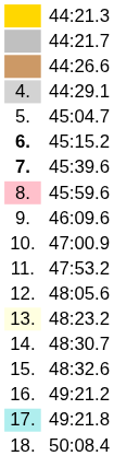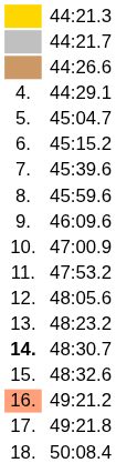 <table style="text-align:center">
 <tr>
 <td width=30 bgcolor=gold></td>
 <td align=left></td>
 <td>44:21.3</td>
 </tr>
 <tr>
 <td bgcolor=silver></td>
 <td align=left></td>
 <td>44:21.7</td>
 </tr>
 <tr>
 <td bgcolor=cc9966></td>
 <td align=left></td>
 <td>44:26.6</td>
 </tr>
 <tr>
-<td style="background: lightgrey;">4.</td>
+<td>4.</td>
 <td align=left></td>
 <td>44:29.1</td>
 </tr>
 <tr>
 <td>5.</td>
 <td align=left></td>
 <td>45:04.7</td>
 </tr>
 <tr>
-<td><strong>6.</strong></td>
+<td>6.</td>
 <td align=left></td>
 <td>45:15.2</td>
 </tr>
 <tr>
-<td><strong>7.</strong></td>
+<td>7.</td>
 <td align=left></td>
 <td>45:39.6</td>
 </tr>
 <tr>
-<td style="background: pink;">8.</td>
+<td>8.</td>
 <td align=left></td>
 <td>45:59.6</td>
 </tr>
 <tr>
 <td>9.</td>
 <td align=left></td>
 <td>46:09.6</td>
 </tr>
 <tr>
 <td>10.</td>
 <td align=left></td>
 <td>47:00.9</td>
 </tr>
 <tr>
 <td>11.</td>
 <td align=left></td>
 <td>47:53.2</td>
 </tr>
 <tr>
 <td>12.</td>
 <td align=left></td>
 <td>48:05.6</td>
 </tr>
 <tr>
-<td style="background: lightyellow;">13.</td>
+<td>13.</td>
 <td align=left></td>
 <td>48:23.2</td>
 </tr>
 <tr>
-<td>14.</td>
+<td><strong>14.</strong></td>
 <td align=left></td>
 <td>48:30.7</td>
 </tr>
 <tr>
 <td>15.</td>
 <td align=left></td>
 <td>48:32.6</td>
 </tr>
 <tr>
-<td>16.</td>
+<td style="background: lightsalmon;">16.</td>
 <td align=left></td>
 <td>49:21.2</td>
 </tr>
 <tr>
-<td style="background: paleturquoise;">17.</td>
+<td>17.</td>
 <td align=left></td>
 <td>49:21.8</td>
 </tr>
 <tr>
 <td>18.</td>
 <td align=left></td>
 <td>50:08.4</td>
 </tr>
 </table>
